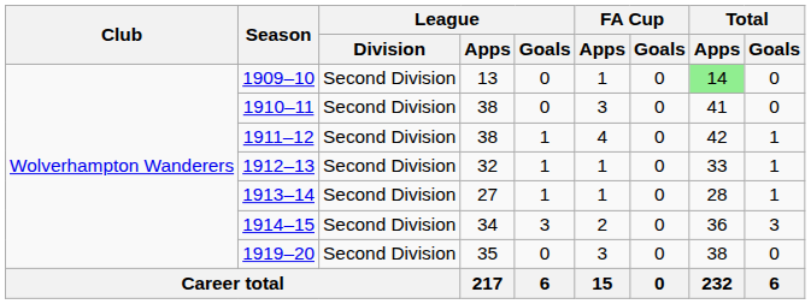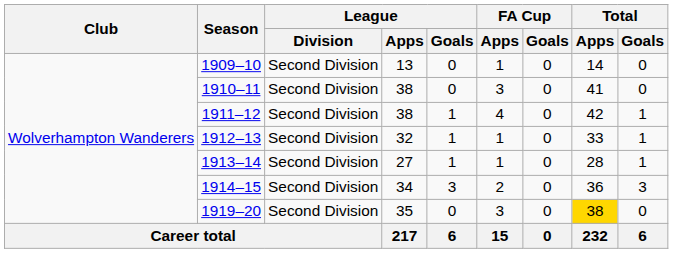 <table class="wikitable" style="text-align: center;">
 <tr>
 <th rowspan=2>Club</th>
 <th rowspan=2>Season</th>
 <th colspan=3>League</th>
 <th colspan=2>FA Cup</th>
 <th colspan=2>Total</th>
 </tr>
 <tr>
 <th>Division</th>
 <th>Apps</th>
 <th>Goals</th>
 <th>Apps</th>
 <th>Goals</th>
 <th>Apps</th>
 <th>Goals</th>
 </tr>
 <tr>
 <td rowspan=7><a href='#'>Wolverhampton Wanderers</a></td>
 <td><a href='#'>1909–10</a></td>
 <td>Second Division</td>
 <td>13</td>
 <td>0</td>
 <td>1</td>
 <td>0</td>
-<td style="background: lightgreen;">14</td>
+<td>14</td>
 <td>0</td>
 </tr>
 <tr>
 <td><a href='#'>1910–11</a></td>
 <td>Second Division</td>
 <td>38</td>
 <td>0</td>
 <td>3</td>
 <td>0</td>
 <td>41</td>
 <td>0</td>
 </tr>
 <tr>
 <td><a href='#'>1911–12</a></td>
 <td>Second Division</td>
 <td>38</td>
 <td>1</td>
 <td>4</td>
 <td>0</td>
 <td>42</td>
 <td>1</td>
 </tr>
 <tr>
 <td><a href='#'>1912–13</a></td>
 <td>Second Division</td>
 <td>32</td>
 <td>1</td>
 <td>1</td>
 <td>0</td>
 <td>33</td>
 <td>1</td>
 </tr>
 <tr>
 <td><a href='#'>1913–14</a></td>
 <td>Second Division</td>
 <td>27</td>
 <td>1</td>
 <td>1</td>
 <td>0</td>
 <td>28</td>
 <td>1</td>
 </tr>
 <tr>
 <td><a href='#'>1914–15</a></td>
 <td>Second Division</td>
 <td>34</td>
 <td>3</td>
 <td>2</td>
 <td>0</td>
 <td>36</td>
 <td>3</td>
 </tr>
 <tr>
 <td><a href='#'>1919–20</a></td>
 <td>Second Division</td>
 <td>35</td>
 <td>0</td>
 <td>3</td>
 <td>0</td>
-<td>38</td>
+<td style="background: gold;">38</td>
 <td>0</td>
 </tr>
 <tr>
 <th colspan=3>Career total</th>
 <th>217</th>
 <th>6</th>
 <th>15</th>
 <th>0</th>
 <th>232</th>
 <th>6</th>
 </tr>
 </table>
